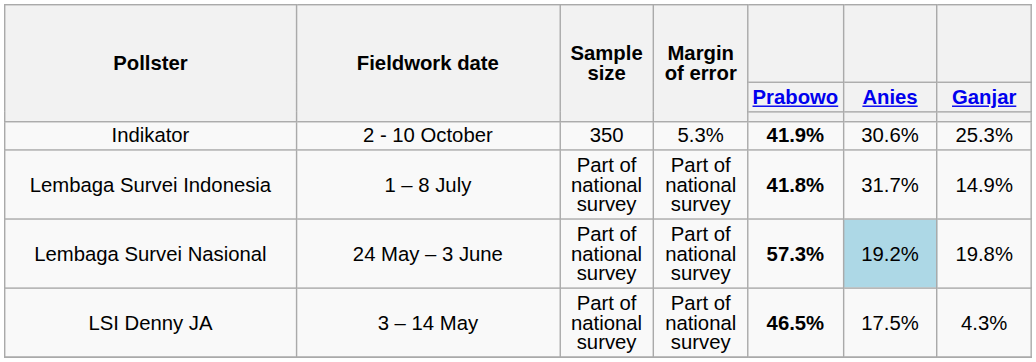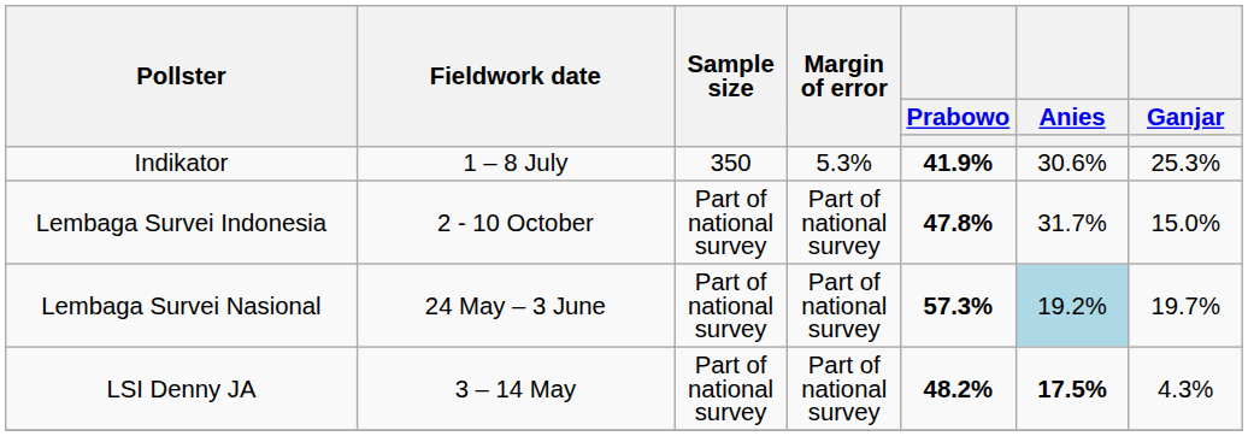 <table class="wikitable" style="text-align:center; font-size:90%; line-height:14px;">
 <tr style="height:55px; background-color:#E9E9E9">
 <th rowspan="3" style="width:200px;">Pollster</th>
 <th rowspan="3" style="width:180px;">Fieldwork date</th>
 <th rowspan="3" style="width:60px;">Sample size</th>
 <th rowspan="3" style="width:60px;">Margin of error</th>
 <th style="width:60px;"></th>
 <th style="width:60px;"></th>
 <th style="width:60px;"></th>
 </tr>
 <tr>
 <th><a href='#'>Prabowo</a> <br></th>
 <th><a href='#'>Anies</a> <br></th>
 <th><a href='#'>Ganjar</a> <br></th>
 </tr>
 <tr>
 <th class="unsortable" style="color:inherit;background:"></th>
 <th class="unsortable" style="color:inherit;background:"></th>
 <th class="unsortable" style="color:inherit;background:"></th>
 </tr>
 <tr>
 <td>Indikator</td>
-<td>2 - 10 October</td>
+<td>1 – 8 July</td>
 <td>350</td>
 <td>5.3%</td>
 <td style="background-color:#"><strong>41.9%</strong> </td>
 <td>30.6% </td>
 <td>25.3% </td>
 </tr>
 <tr>
 <td>Lembaga Survei Indonesia</td>
-<td>1 – 8 July</td>
+<td>2 - 10 October</td>
 <td>Part of national survey</td>
 <td>Part of national survey</td>
-<td style="background-color:#"><strong>41.8%</strong> </td>
+<td style="background-color:#"><strong>47.8%</strong> </td>
 <td>31.7% </td>
-<td>14.9% </td>
+<td>15.0% </td>
 </tr>
 <tr>
 <td>Lembaga Survei Nasional</td>
 <td>24 May – 3 June</td>
 <td>Part of national survey</td>
 <td>Part of national survey</td>
 <td style="background-color:#"><strong>57.3%</strong> </td>
 <td style="background: lightblue;">19.2% </td>
-<td>19.8% </td>
+<td>19.7% </td>
 </tr>
 <tr>
 <td>LSI Denny JA</td>
 <td>3 – 14 May</td>
 <td>Part of national survey</td>
 <td>Part of national survey</td>
-<td style="background-color:#"><strong>46.5%</strong></td>
-<td>17.5%</td>
+<td style="background-color:#"><strong>48.2%</strong></td>
+<td><strong>17.5%</strong></td>
 <td>4.3%</td>
 </tr>
 <tr>
 </tr>
 </table>
